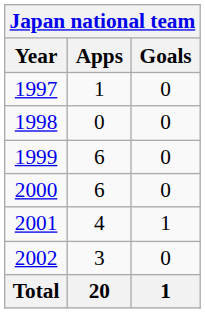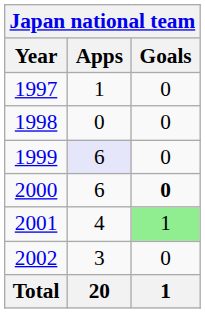 <table class="wikitable" style="text-align:center">
 <tr>
 <th colspan=3><a href='#'>Japan national team</a></th>
 </tr>
 <tr>
 <th>Year</th>
 <th>Apps</th>
 <th>Goals</th>
 </tr>
 <tr>
 <td><a href='#'>1997</a></td>
 <td>1</td>
 <td>0</td>
 </tr>
 <tr>
 <td><a href='#'>1998</a></td>
 <td>0</td>
 <td>0</td>
 </tr>
 <tr>
 <td><a href='#'>1999</a></td>
-<td>6</td>
+<td style="background: lavender;">6</td>
 <td>0</td>
 </tr>
 <tr>
 <td><a href='#'>2000</a></td>
 <td>6</td>
-<td>0</td>
+<td><strong>0</strong></td>
 </tr>
 <tr>
 <td><a href='#'>2001</a></td>
 <td>4</td>
-<td>1</td>
+<td style="background: lightgreen;">1</td>
 </tr>
 <tr>
 <td><a href='#'>2002</a></td>
 <td>3</td>
 <td>0</td>
 </tr>
 <tr>
 <th>Total</th>
 <th>20</th>
 <th>1</th>
 </tr>
 </table>
